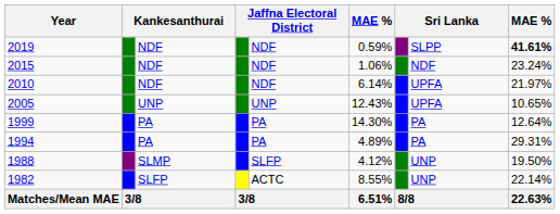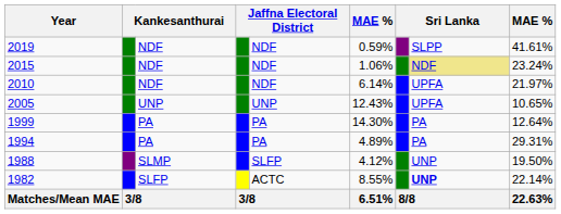 <table class="wikitable">
 <tr>
 <th>Year</th>
 <th colspan="2" width="144px">Kankesanthurai</th>
 <th colspan="2" width="144px"><a href='#'>Jaffna Electoral District</a></th>
 <th><a href='#'>MAE</a> %</th>
 <th colspan="2" width="144px">Sri Lanka</th>
 <th>MAE %</th>
 </tr>
 <tr>
 <td><a href='#'>2019</a></td>
 <td style="background-color:green;" width="10px"></td>
 <td style="text-align:left;"><a href='#'>NDF</a></td>
 <td style="background-color:green;" width="10px"></td>
 <td style="text-align:left;"><a href='#'>NDF</a></td>
 <td style="text-align:right;">0.59%</td>
 <td style="background-color:purple;" width="10px"></td>
 <td style="text-align:left;"><a href='#'>SLPP</a></td>
-<td style="text-align:right;"><strong>41.61%</strong></td>
+<td style="text-align:right;">41.61%</td>
 </tr>
 <tr>
 <td><a href='#'>2015</a></td>
 <td style="background-color:green;" width="10px"></td>
 <td style="text-align:left;"><a href='#'>NDF</a></td>
 <td style="background-color:green;" width="10px"></td>
 <td style="text-align:left;"><a href='#'>NDF</a></td>
 <td style="text-align:right;">1.06%</td>
 <td style="background-color:green;" width="10px"></td>
-<td style="text-align:left;"><a href='#'>NDF</a></td>
+<td style="background: khaki; text-align:left;"><a href='#'>NDF</a></td>
 <td style="text-align:right;">23.24%</td>
 </tr>
 <tr>
 <td><a href='#'>2010</a></td>
 <td style="background-color:green;" width="10px"></td>
 <td style="text-align:left;"><a href='#'>NDF</a></td>
 <td style="background-color:green;" width="10px"></td>
 <td style="text-align:left;"><a href='#'>NDF</a></td>
 <td style="text-align:right;">6.14%</td>
 <td style="background-color:blue;" width="10px"></td>
 <td style="text-align:left;"><a href='#'>UPFA</a></td>
 <td style="text-align:right;">21.97%</td>
 </tr>
 <tr>
 <td><a href='#'>2005</a></td>
 <td style="background-color:green;" width="10px"></td>
 <td style="text-align:left;"><a href='#'>UNP</a></td>
 <td style="background-color:green;" width="10px"></td>
 <td style="text-align:left;"><a href='#'>UNP</a></td>
 <td style="text-align:right;">12.43%</td>
 <td style="background-color:blue;" width="10px"></td>
 <td style="text-align:left;"><a href='#'>UPFA</a></td>
 <td style="text-align:right;">10.65%</td>
 </tr>
 <tr>
 <td><a href='#'>1999</a></td>
 <td style="background-color:blue;" width="10px"></td>
 <td style="text-align:left;"><a href='#'>PA</a></td>
 <td style="background-color:blue;" width="10px"></td>
 <td style="text-align:left;"><a href='#'>PA</a></td>
 <td style="text-align:right;">14.30%</td>
 <td style="background-color:blue;" width="10px"></td>
 <td style="text-align:left;"><a href='#'>PA</a></td>
 <td style="text-align:right;">12.64%</td>
 </tr>
 <tr>
 <td><a href='#'>1994</a></td>
 <td style="background-color:blue;" width="10px"></td>
 <td style="text-align:left;"><a href='#'>PA</a></td>
 <td style="background-color:blue;" width="10px"></td>
 <td style="text-align:left;"><a href='#'>PA</a></td>
 <td style="text-align:right;">4.89%</td>
 <td style="background-color:blue;" width="10px"></td>
 <td style="text-align:left;"><a href='#'>PA</a></td>
 <td style="text-align:right;">29.31%</td>
 </tr>
 <tr>
 <td><a href='#'>1988</a></td>
 <td style="background-color:purple;" width="10px"></td>
 <td style="text-align:left;"><a href='#'>SLMP</a></td>
 <td style="background-color:blue;" width="10px"></td>
 <td style="text-align:left;"><a href='#'>SLFP</a></td>
 <td style="text-align:right;">4.12%</td>
 <td style="background-color:green;" width="10px"></td>
 <td style="text-align:left;"><a href='#'>UNP</a></td>
 <td style="text-align:right;">19.50%</td>
 </tr>
 <tr>
 <td><a href='#'>1982</a></td>
 <td style="background-color:blue;" width="10px"></td>
 <td style="text-align:left;"><a href='#'>SLFP</a></td>
 <td style="background-color:yellow;" width="10px"></td>
 <td style="text-align:left;">ACTC</td>
 <td style="text-align:right;">8.55%</td>
 <td style="background-color:green;" width="10px"></td>
-<td style="text-align:left;"><a href='#'>UNP</a></td>
+<td style="text-align:left;"><strong><a href='#'>UNP</a></strong></td>
 <td style="text-align:right;">22.14%</td>
 </tr>
 <tr>
 <th>Matches/Mean MAE</th>
 <th style="text-align:left;"colspan="2" width="144px">3/8</th>
 <th style="text-align:left;"colspan="2" width="144px">3/8</th>
 <th style="text-align:right;">6.51%</th>
 <th style="text-align:left;"colspan="2" width="144px">8/8</th>
 <th style="text-align:right;">22.63%</th>
 </tr>
 </table>
